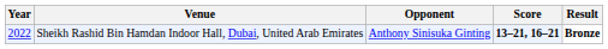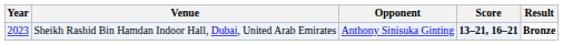 <table class="sortable wikitable" style="font-size: 90%;">
 <tr>
 <th>Year</th>
 <th>Venue</th>
 <th>Opponent</th>
 <th>Score</th>
 <th>Result</th>
 </tr>
 <tr style="background:#ECF2FF">
-<td align="center"><a href='#'>2022</a></td>
+<td align="center"><a href='#'>2023</a></td>
 <td align="left">Sheikh Rashid Bin Hamdan Indoor Hall, <a href='#'>Dubai</a>, United Arab Emirates</td>
 <td align="left"> <a href='#'>Anthony Sinisuka Ginting</a></td>
 <td align="left"><strong>13–21, 16–21</strong></td>
 <td style="text-align:left; background:white"> <strong>Bronze</strong></td>
 </tr>
 </table>
